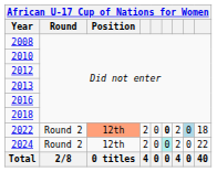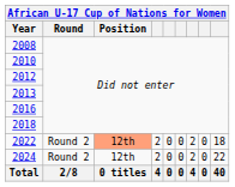 <table class="wikitable" style="text-align: center;">
 <tr>
 <th colspan=9><a href='#'>African U-17 Cup of Nations for Women</a></th>
 </tr>
 <tr>
 <th>Year</th>
 <th>Round</th>
 <th>Position</th>
 <th></th>
 <th></th>
 <th></th>
 <th></th>
 <th></th>
 <th></th>
 </tr>
 <tr>
 <td><a href='#'>2008</a></td>
 <td rowspan=6 colspan=8><em>Did not enter</em></td>
 </tr>
 <tr>
 <td><a href='#'>2010</a></td>
 </tr>
 <tr>
 <td><a href='#'>2012</a></td>
 </tr>
 <tr>
 <td><a href='#'>2013</a></td>
 </tr>
 <tr>
 <td><a href='#'>2016</a></td>
 </tr>
 <tr>
 <td><a href='#'>2018</a></td>
 </tr>
 <tr>
 <td><a href='#'>2022</a></td>
 <td>Round 2</td>
 <td style="background: lightsalmon;">12th</td>
 <td>2</td>
 <td>0</td>
-<td><strong>0</strong></td>
+<td>0</td>
 <td>2</td>
-<td style="background: lightblue;">0</td>
+<td>0</td>
 <td>18</td>
 </tr>
 <tr>
 <td><a href='#'>2024</a></td>
 <td>Round 2</td>
 <td>12th</td>
 <td>2</td>
 <td>0</td>
-<td style="background: paleturquoise;">0</td>
+<td>0</td>
 <td>2</td>
 <td>0</td>
 <td>22</td>
 </tr>
 <tr>
 <th>Total</th>
 <th>2/8</th>
 <th>0 titles</th>
 <th>4</th>
 <th>0</th>
 <th>0</th>
 <th>4</th>
 <th>0</th>
 <th>40</th>
 </tr>
 </table>
